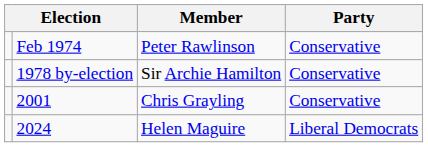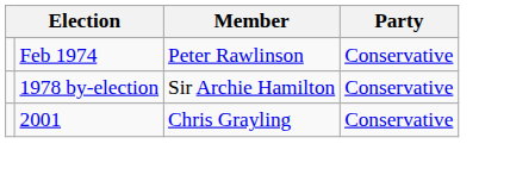 <table class="wikitable">
 <tr>
 <th colspan="2">Election</th>
 <th>Member</th>
 <th>Party</th>
 </tr>
 <tr>
 <td style="color:inherit;background-color: "></td>
 <td><a href='#'>Feb 1974</a></td>
 <td><a href='#'>Peter Rawlinson</a></td>
 <td><a href='#'>Conservative</a></td>
 </tr>
 <tr>
 <td style="color:inherit;background-color: "></td>
 <td><a href='#'>1978 by-election</a></td>
 <td>Sir <a href='#'>Archie Hamilton</a></td>
 <td><a href='#'>Conservative</a></td>
 </tr>
 <tr>
 <td style="color:inherit;background-color: "></td>
 <td><a href='#'>2001</a></td>
 <td><a href='#'>Chris Grayling</a></td>
 <td><a href='#'>Conservative</a></td>
 </tr>
-<tr>
-<td style="color:inherit;background-color: "></td>
-<td><a href='#'>2024</a></td>
-<td><a href='#'>Helen Maguire</a></td>
-<td><a href='#'>Liberal Democrats</a></td>
-</tr>
 </table>
